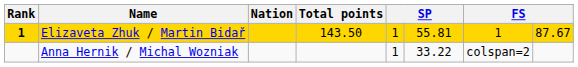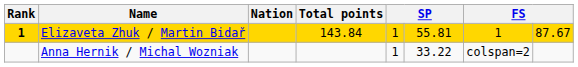 <table class="wikitable sortable">
 <tr>
 <th>Rank</th>
 <th>Name</th>
 <th>Nation</th>
 <th>Total points</th>
 <th colspan="2" width="80px"><a href='#'>SP</a></th>
 <th colspan="2" width="80px"><a href='#'>FS</a></th>
 </tr>
 <tr bgcolor="gold">
 <td align="center"><strong>1</strong></td>
 <td><a href='#'>Elizaveta Zhuk</a> / <a href='#'>Martin Bidař</a></td>
 <td></td>
-<td align="center">143.50</td>
+<td align="center">143.84</td>
 <td align="center">1</td>
 <td align="center">55.81</td>
 <td align="center">1</td>
 <td align="center">87.67</td>
 </tr>
 <tr>
 <td align="center"><strong></strong></td>
 <td><a href='#'>Anna Hernik</a> / <a href='#'>Michal Wozniak</a></td>
 <td></td>
 <td></td>
 <td align="center">1</td>
 <td align="center">33.22</td>
 <td>colspan=2 </td>
 </tr>
 </table>
